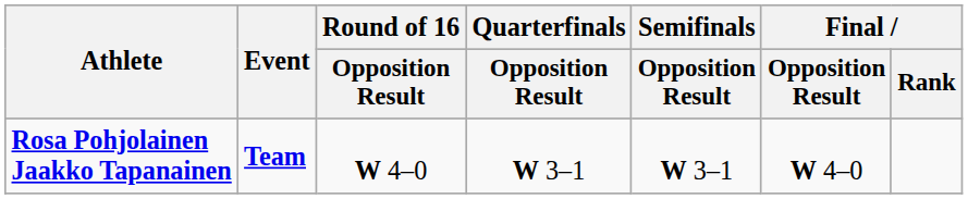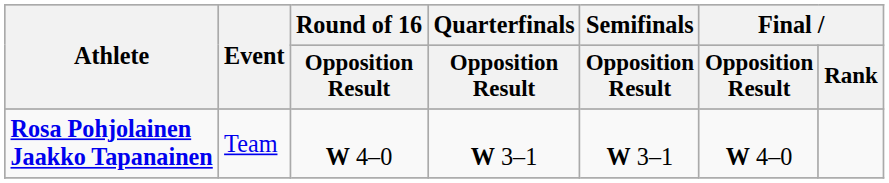 <table class="wikitable" style="font-size:90%">
 <tr>
 <th rowspan="2">Athlete</th>
 <th rowspan="2">Event</th>
 <th>Round of 16</th>
 <th>Quarterfinals</th>
 <th>Semifinals</th>
 <th colspan=2>Final / </th>
 </tr>
 <tr style="font-size:95%">
 <th>Opposition<br>Result</th>
 <th>Opposition<br>Result</th>
 <th>Opposition<br>Result</th>
 <th>Opposition<br>Result</th>
 <th>Rank</th>
 </tr>
 <tr align=center>
 <td align=left><strong><a href='#'>Rosa Pohjolainen</a></strong><br><strong><a href='#'>Jaakko Tapanainen</a></strong></td>
-<td align=left><strong><a href='#'>Team</a></strong></td>
+<td align=left><a href='#'>Team</a></td>
 <td><br><strong>W</strong> 4–0</td>
 <td><br><strong>W</strong> 3–1</td>
 <td><br><strong>W</strong> 3–1</td>
 <td><br><strong>W</strong> 4–0</td>
 <td><strong></strong></td>
 </tr>
 </table>
